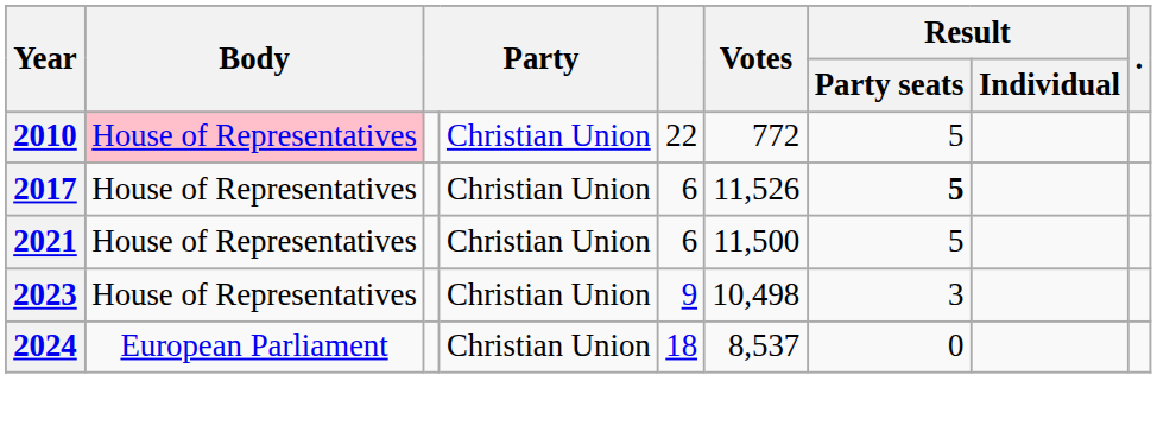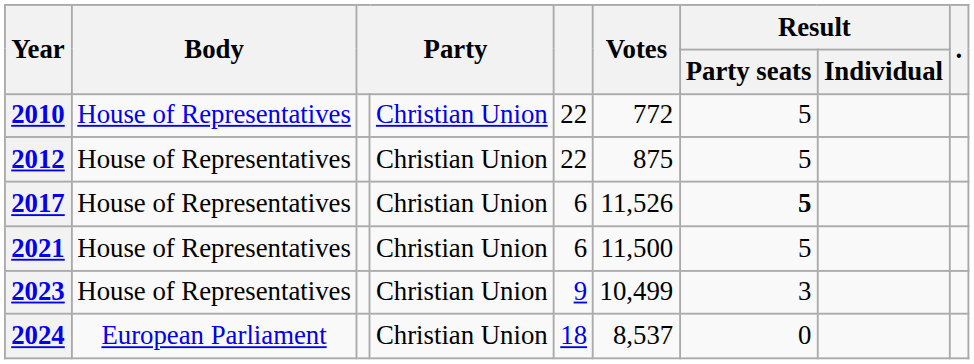 <table class="wikitable plainrowheaders sortable" border=2 cellpadding=4 cellspacing=0 style="border: 1px #aaa solid; font-size: 90%; text-align:center;">
 <tr>
 <th scope="col" rowspan=2>Year</th>
 <th scope="col" rowspan=2>Body</th>
 <th scope="col" colspan=2 rowspan=2>Party</th>
 <th scope="col" rowspan=2></th>
 <th scope="col" rowspan=2>Votes</th>
 <th scope="colgroup" colspan=2>Result</th>
 <th scope="col" rowspan=2 class="unsortable">.</th>
 </tr>
 <tr>
 <th scope="col">Party seats</th>
 <th scope="col">Individual</th>
 </tr>
 <tr>
 <th scope="row"><a href='#'>2010</a></th>
-<td style="background: pink;"><a href='#'>House of Representatives</a></td>
+<td><a href='#'>House of Representatives</a></td>
 <td style="background-color:"></td>
 <td><a href='#'>Christian Union</a></td>
 <td style=text-align:right>22</td>
 <td style=text-align:right>772</td>
+<td style=text-align:right>5</td>
+<td></td>
+<td></td>
+</tr>
+<tr>
+<th scope="row"><a href='#'>2012</a></th>
+<td>House of Representatives</td>
+<td style="background-color:"></td>
+<td>Christian Union</td>
+<td style=text-align:right>22</td>
+<td style=text-align:right>875</td>
 <td style=text-align:right>5</td>
 <td></td>
 <td></td>
 </tr>
 <tr>
 <th scope="row"><a href='#'>2017</a></th>
 <td>House of Representatives</td>
 <td style="background-color:"></td>
 <td>Christian Union</td>
 <td style=text-align:right>6</td>
 <td style=text-align:right>11,526</td>
 <td style=text-align:right><strong>5</strong></td>
 <td></td>
 <td></td>
 </tr>
 <tr>
 <th scope="row"><a href='#'>2021</a></th>
 <td>House of Representatives</td>
 <td style="background-color:"></td>
 <td>Christian Union</td>
 <td style=text-align:right>6</td>
 <td style=text-align:right>11,500</td>
 <td style=text-align:right>5</td>
 <td></td>
 <td></td>
 </tr>
 <tr>
 <th scope="row"><a href='#'>2023</a></th>
 <td>House of Representatives</td>
 <td style="background-color:"></td>
 <td>Christian Union</td>
 <td style=text-align:right><a href='#'>9</a></td>
-<td style=text-align:right>10,498</td>
+<td style=text-align:right>10,499</td>
 <td style=text-align:right>3</td>
 <td></td>
 <td></td>
 </tr>
 <tr>
 <th scope="row"><a href='#'>2024</a></th>
 <td><a href='#'>European Parliament</a></td>
 <td style="background-color:"></td>
 <td>Christian Union</td>
 <td style=text-align:right><a href='#'>18</a></td>
 <td style=text-align:right>8,537</td>
 <td style=text-align:right>0</td>
 <td></td>
 <td></td>
 </tr>
 </table>
